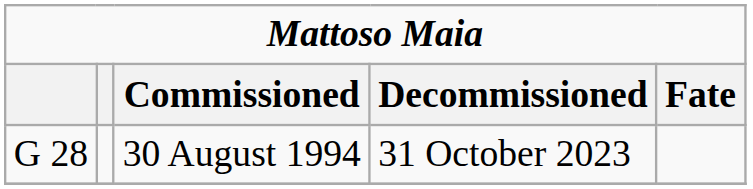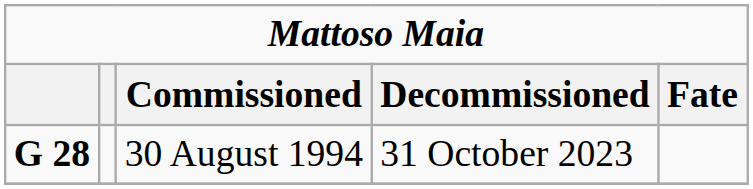 <table class="collapsible wikitable">
 <tr>
 <td align=center colspan=5><strong><em>Mattoso Maia</em></strong></td>
 </tr>
 <tr>
 <th></th>
 <th></th>
 <th>Commissioned</th>
 <th>Decommissioned</th>
 <th>Fate</th>
 </tr>
 <tr>
-<td>G 28</td>
+<td><strong>G 28</strong></td>
 <td></td>
 <td>30 August 1994</td>
 <td>31 October 2023</td>
 <td></td>
 </tr>
 <tr>
 </tr>
 </table>
